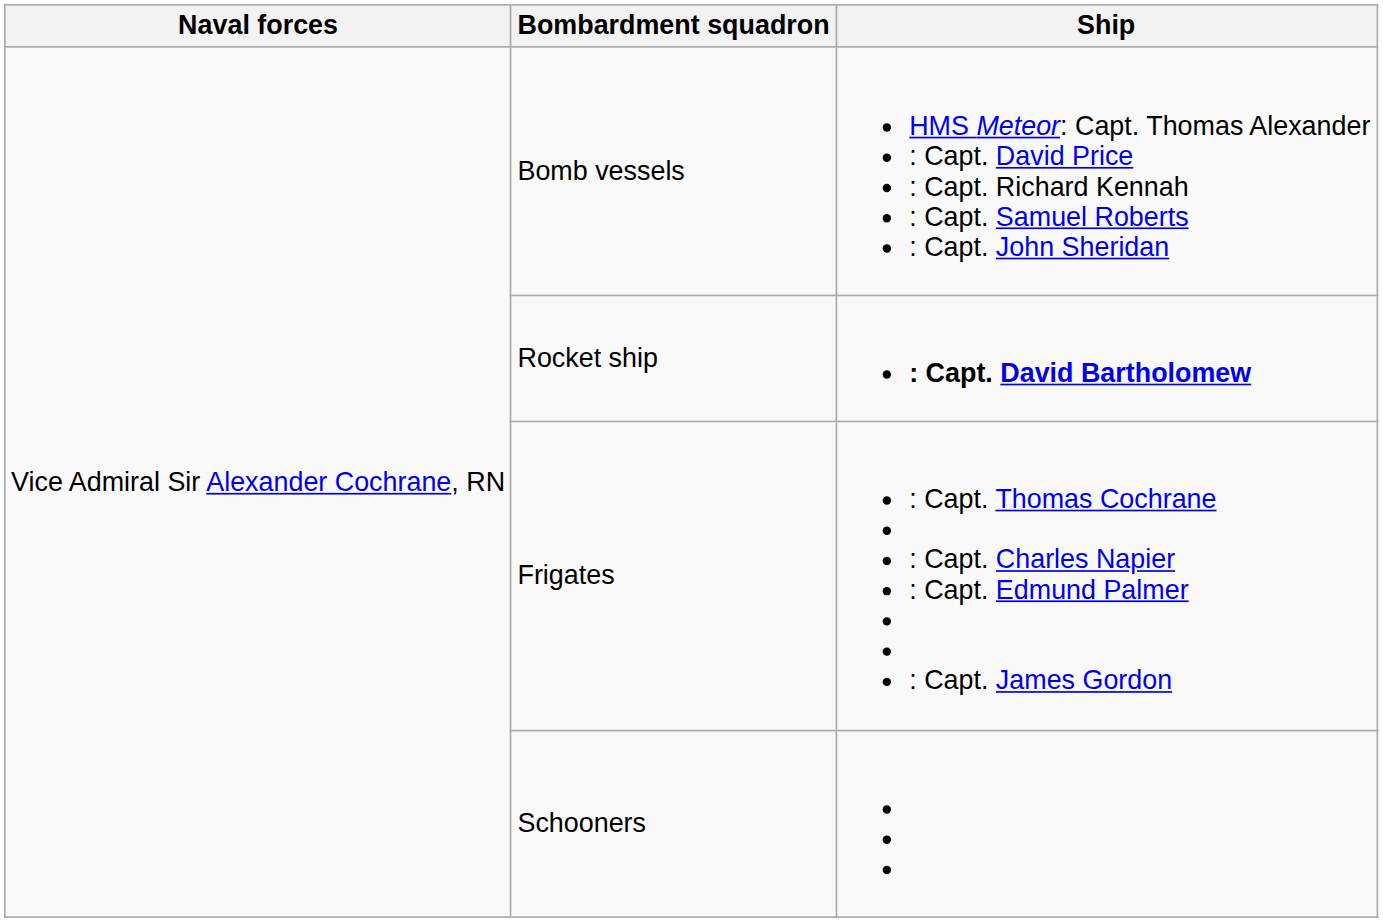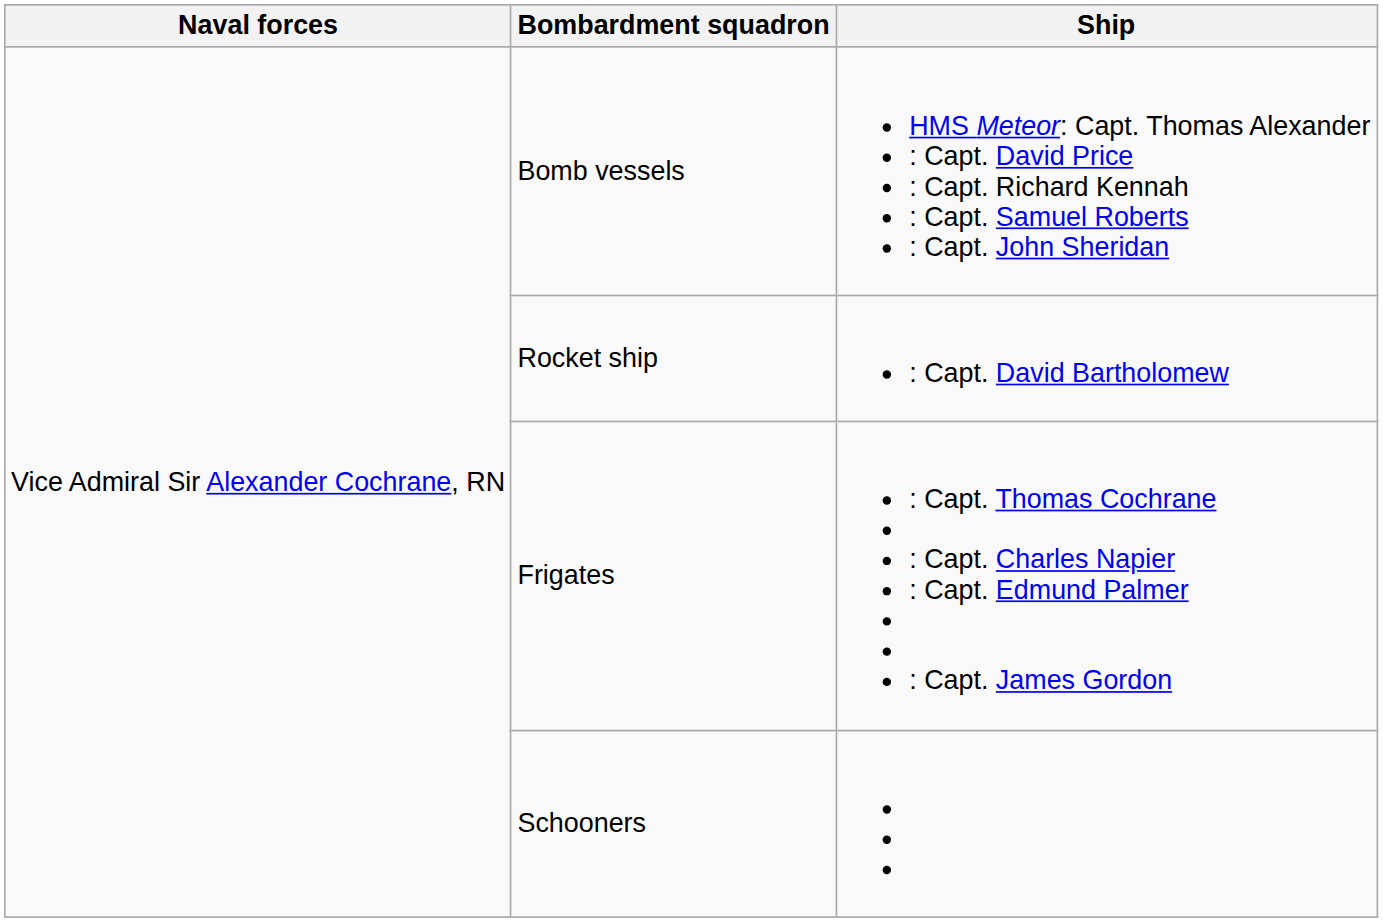 <table class="wikitable">
 <tr>
 <th>Naval forces</th>
 <th>Bombardment squadron</th>
 <th>Ship</th>
 </tr>
 <tr>
 <td rowspan="4">Vice Admiral Sir <a href='#'>Alexander Cochrane</a>, RN</td>
 <td>Bomb vessels</td>
 <td><br><ul><li><a href='#'>HMS <em>Meteor</em></a>: Capt. Thomas Alexander</li><li>: Capt. <a href='#'>David Price</a></li><li>: Capt. Richard Kennah</li><li>: Capt. <a href='#'>Samuel Roberts</a></li><li>: Capt. <a href='#'>John Sheridan</a></li></ul></td>
 </tr>
 <tr>
 <td>Rocket ship</td>
-<td><strong><br><ul><li>: Capt. <a href='#'>David Bartholomew</a></li></ul></strong></td>
+<td><br><ul><li>: Capt. <a href='#'>David Bartholomew</a></li></ul></td>
 </tr>
 <tr>
 <td>Frigates</td>
 <td><br><ul><li>: Capt. <a href='#'>Thomas Cochrane</a></li><li></li><li>: Capt. <a href='#'>Charles Napier</a></li><li>: Capt. <a href='#'>Edmund Palmer</a></li><li></li><li></li><li>: Capt. <a href='#'>James Gordon</a></li></ul></td>
 </tr>
 <tr>
 <td>Schooners</td>
 <td><br><ul><li></li><li></li><li></li></ul></td>
 </tr>
 </table>
